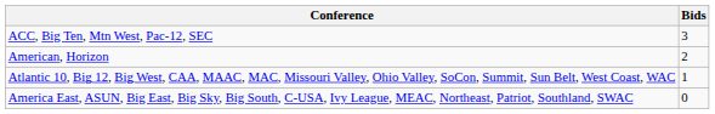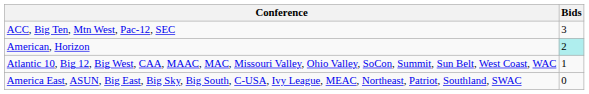 <table class="wikitable" style="text-align: left;">
 <tr>
 <th align=center>Conference</th>
 <th align=center>Bids</th>
 </tr>
 <tr>
 <td><a href='#'>ACC</a>, <a href='#'>Big Ten</a>, <a href='#'>Mtn West</a>, <a href='#'>Pac-12</a>, <a href='#'>SEC</a></td>
 <td>3</td>
 </tr>
 <tr>
 <td><a href='#'>American</a>, <a href='#'>Horizon</a></td>
-<td>2</td>
+<td style="background: paleturquoise;">2</td>
 </tr>
 <tr>
 <td><a href='#'>Atlantic 10</a>, <a href='#'>Big 12</a>, <a href='#'>Big West</a>, <a href='#'>CAA</a>, <a href='#'>MAAC</a>, <a href='#'>MAC</a>, <a href='#'>Missouri Valley</a>, <a href='#'>Ohio Valley</a>, <a href='#'>SoCon</a>, <a href='#'>Summit</a>, <a href='#'>Sun Belt</a>, <a href='#'>West Coast</a>, <a href='#'>WAC</a></td>
 <td>1</td>
 </tr>
 <tr>
 <td><a href='#'>America East</a>, <a href='#'>ASUN</a>, <a href='#'>Big East</a>, <a href='#'>Big Sky</a>, <a href='#'>Big South</a>, <a href='#'>C-USA</a>, <a href='#'>Ivy League</a>, <a href='#'>MEAC</a>, <a href='#'>Northeast</a>, <a href='#'>Patriot</a>, <a href='#'>Southland</a>, <a href='#'>SWAC</a></td>
 <td>0</td>
 </tr>
 </table>
